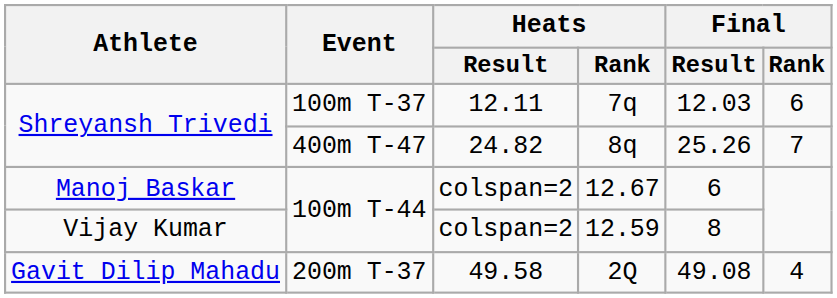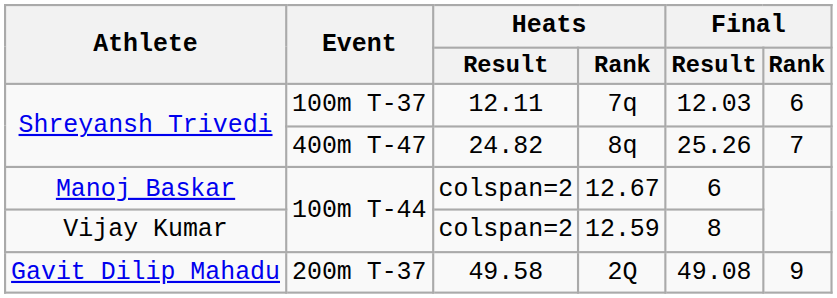 <table class=wikitable style=font-size:90%;text-align:center>
 <tr>
 <th rowspan=2>Athlete</th>
 <th rowspan=2>Event</th>
 <th colspan=2>Heats</th>
 <th colspan=2>Final</th>
 </tr>
 <tr style=font-size:95%>
 <th>Result</th>
 <th>Rank</th>
 <th>Result</th>
 <th>Rank</th>
 </tr>
 <tr>
 <td rowspan=2><a href='#'>Shreyansh Trivedi</a></td>
 <td>100m T-37</td>
 <td>12.11</td>
 <td>7q</td>
 <td>12.03</td>
 <td>6</td>
 </tr>
 <tr>
 <td>400m T-47</td>
 <td>24.82</td>
 <td>8q</td>
 <td>25.26</td>
 <td>7</td>
 </tr>
 <tr>
 <td><a href='#'>Manoj Baskar</a></td>
 <td Rowspan=2>100m T-44</td>
 <td>colspan=2</td>
 <td>12.67</td>
 <td>6</td>
 </tr>
 <tr>
 <td>Vijay Kumar</td>
 <td>colspan=2</td>
 <td>12.59</td>
 <td>8</td>
 </tr>
 <tr>
 <td><a href='#'>Gavit Dilip Mahadu</a></td>
 <td>200m T-37</td>
 <td>49.58</td>
 <td>2Q</td>
 <td>49.08</td>
-<td>4</td>
+<td>9</td>
 </tr>
 </table>
